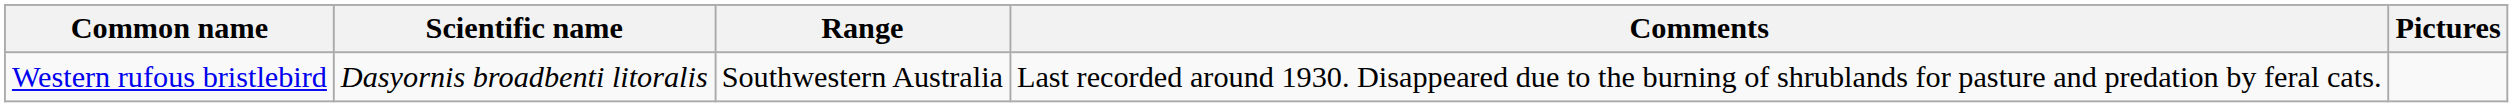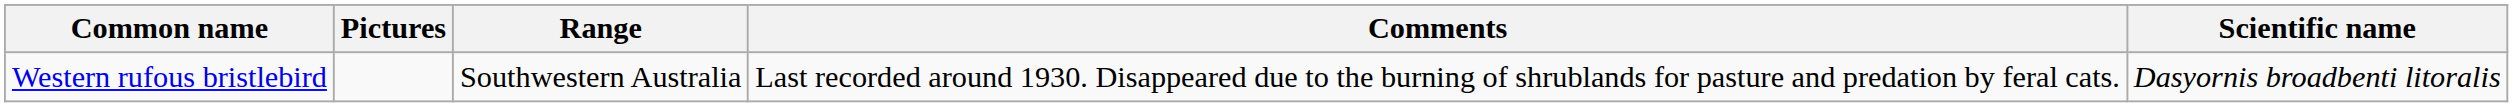 <table class="wikitable">
 <tr>
 <th>Common name</th>
-<th>Scientific name</th>
+<th class="unsortable">Pictures</th>
 <th>Range</th>
 <th class="unsortable">Comments</th>
-<th class="unsortable">Pictures</th>
+<th>Scientific name</th>
 </tr>
 <tr>
 <td><a href='#'>Western rufous bristlebird</a></td>
-<td><em>Dasyornis broadbenti litoralis</em></td>
+<td></td>
 <td>Southwestern Australia</td>
 <td>Last recorded around 1930. Disappeared due to the burning of shrublands for pasture and predation by feral cats.</td>
-<td></td>
+<td><em>Dasyornis broadbenti litoralis</em></td>
 </tr>
 </table>
